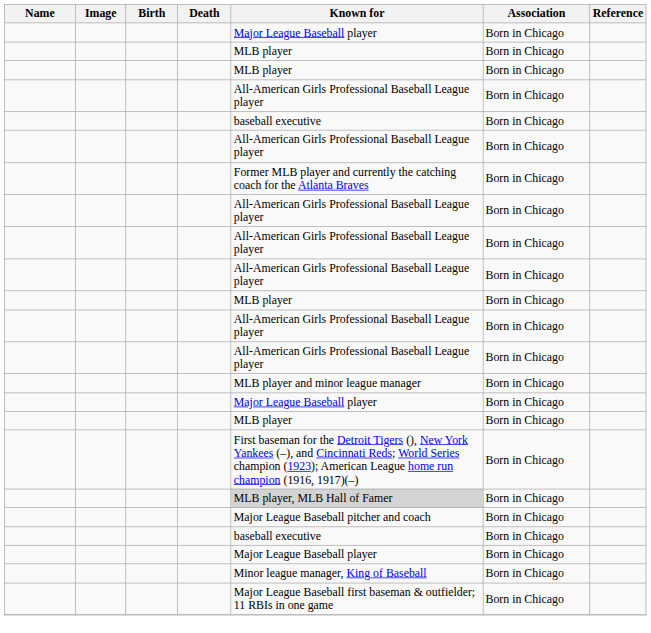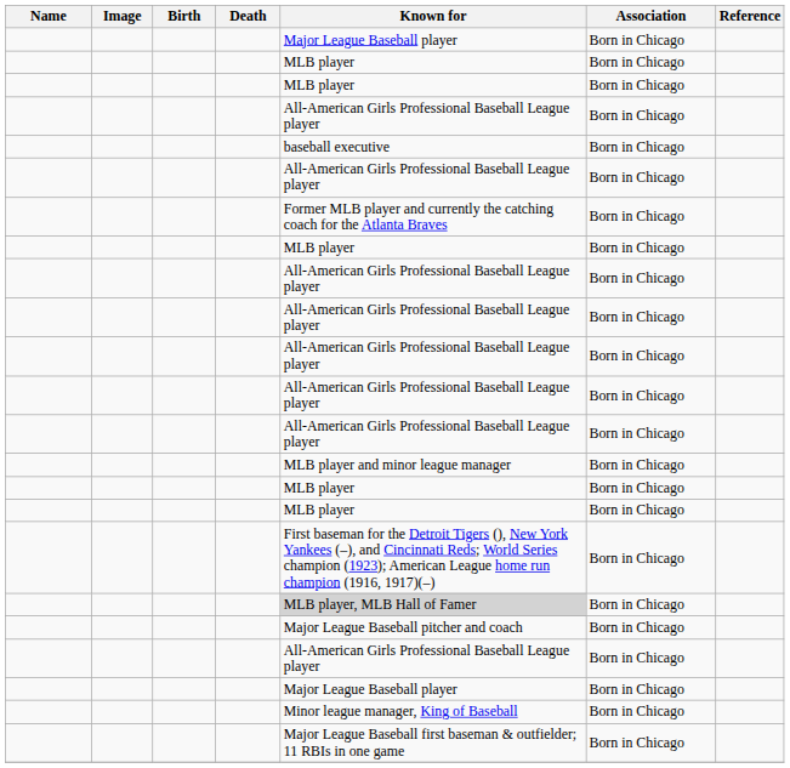 <table class="wikitable sortable">
 <tr>
 <th scope="col" width="140">Name</th>
 <th scope="col" width="80" class="unsortable">Image</th>
 <th scope="col" width="90">Birth</th>
 <th scope="col" width="90">Death</th>
 <th scope="col" width="600" class="unsortable">Known for</th>
 <th scope="col" width="200" class="unsortable">Association</th>
 <th scope="col" width="30" class="unsortable">Reference</th>
 </tr>
 <tr>
 <td></td>
 <td></td>
 <td align=right></td>
 <td></td>
 <td><a href='#'>Major League Baseball</a> player</td>
 <td>Born in Chicago</td>
 <td align="center"></td>
 </tr>
 <tr>
 <td></td>
 <td></td>
 <td align=right></td>
 <td></td>
 <td>MLB player</td>
 <td>Born in Chicago</td>
 <td align="center"></td>
 </tr>
 <tr>
 <td></td>
 <td></td>
 <td align=right></td>
 <td align=right></td>
 <td>MLB player</td>
 <td>Born in Chicago</td>
 <td align="center"></td>
 </tr>
 <tr>
 <td></td>
 <td></td>
 <td align=right></td>
 <td align=right></td>
 <td>All-American Girls Professional Baseball League player</td>
 <td>Born in Chicago</td>
 <td align="center"></td>
 </tr>
 <tr>
 <td></td>
 <td></td>
 <td align=right></td>
 <td align=right></td>
 <td>baseball executive</td>
 <td>Born in Chicago</td>
 <td align="center"></td>
 </tr>
 <tr>
 <td></td>
 <td></td>
 <td align=right></td>
 <td></td>
 <td>All-American Girls Professional Baseball League player</td>
 <td>Born in Chicago</td>
 <td align="center"></td>
 </tr>
 <tr>
 <td></td>
 <td></td>
 <td align=right></td>
 <td></td>
 <td>Former MLB player and currently the catching coach for the <a href='#'>Atlanta Braves</a></td>
 <td>Born in Chicago</td>
 <td align="center"></td>
 </tr>
 <tr>
 <td></td>
 <td></td>
 <td align=right></td>
 <td align=right></td>
-<td>All-American Girls Professional Baseball League player</td>
+<td>MLB player</td>
 <td>Born in Chicago</td>
 <td align="center"></td>
 </tr>
 <tr>
 <td></td>
 <td></td>
 <td align=right></td>
 <td align=right></td>
 <td>All-American Girls Professional Baseball League player</td>
 <td>Born in Chicago</td>
 <td align="center"></td>
 </tr>
 <tr>
 <td></td>
 <td></td>
 <td align=right></td>
 <td align=right></td>
 <td>All-American Girls Professional Baseball League player</td>
 <td>Born in Chicago</td>
 <td align="center"></td>
 </tr>
 <tr>
 <td></td>
 <td></td>
 <td align=right></td>
 <td align=right></td>
-<td>MLB player</td>
+<td>All-American Girls Professional Baseball League player</td>
 <td>Born in Chicago</td>
 <td align="center"></td>
 </tr>
 <tr>
 <td></td>
 <td></td>
 <td align=right></td>
 <td></td>
 <td>All-American Girls Professional Baseball League player</td>
 <td>Born in Chicago</td>
 <td align="center"></td>
 </tr>
 <tr>
 <td></td>
 <td></td>
 <td align=right></td>
 <td align=right></td>
 <td>All-American Girls Professional Baseball League player</td>
 <td>Born in Chicago</td>
 <td align="center"></td>
 </tr>
 <tr>
 <td></td>
 <td></td>
 <td align=right></td>
 <td align=right></td>
 <td>MLB player and minor league manager</td>
 <td>Born in Chicago</td>
 <td align="center"></td>
 </tr>
 <tr>
 <td></td>
 <td></td>
 <td align=right></td>
 <td align=right></td>
-<td><a href='#'>Major League Baseball</a> player</td>
+<td>MLB player</td>
 <td>Born in Chicago</td>
 <td align="center"></td>
 </tr>
 <tr>
 <td></td>
 <td></td>
 <td align=right></td>
 <td></td>
 <td>MLB player</td>
 <td>Born in Chicago</td>
 <td align="center"></td>
 </tr>
 <tr>
 <td></td>
 <td></td>
 <td align=right></td>
 <td align=right></td>
 <td>First baseman for the <a href='#'>Detroit Tigers</a> (), <a href='#'>New York Yankees</a> (–), and <a href='#'>Cincinnati Reds</a>; <a href='#'>World Series</a> champion (<a href='#'>1923</a>); American League <a href='#'>home run champion</a> (1916, 1917)(–)</td>
 <td>Born in Chicago</td>
 <td align="center"></td>
 </tr>
 <tr>
 <td></td>
 <td></td>
 <td align=right></td>
 <td align=right></td>
 <td style="background: lightgrey;">MLB player, MLB Hall of Famer</td>
 <td>Born in Chicago</td>
 <td align="center"></td>
 </tr>
 <tr>
 <td></td>
 <td></td>
 <td align=right></td>
 <td></td>
 <td>Major League Baseball pitcher and coach</td>
 <td>Born in Chicago</td>
 <td align="center"></td>
 </tr>
 <tr>
 <td></td>
 <td></td>
 <td align=right></td>
 <td></td>
-<td>baseball executive</td>
+<td>All-American Girls Professional Baseball League player</td>
 <td>Born in Chicago</td>
 <td align="center"></td>
 </tr>
 <tr>
 <td></td>
 <td></td>
 <td align=right></td>
 <td></td>
 <td>Major League Baseball player</td>
 <td>Born in Chicago</td>
 <td></td>
 </tr>
 <tr>
 <td></td>
 <td></td>
 <td align=right></td>
 <td align=right></td>
 <td>Minor league manager, <a href='#'>King of Baseball</a></td>
 <td>Born in Chicago</td>
 <td align="center"></td>
 </tr>
 <tr>
 <td></td>
 <td></td>
 <td align=right></td>
 <td align=right></td>
 <td>Major League Baseball first baseman & outfielder; 11 RBIs in one game</td>
 <td>Born in Chicago</td>
 <td align="center"></td>
 </tr>
 <tr>
 </tr>
 </table>
